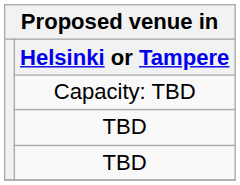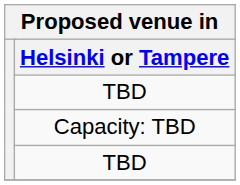 <table class="wikitable" style="text-align:center">
 <tr>
 <th colspan="3">Proposed venue in </th>
 </tr>
 <tr>
 <th rowspan="4" colspan="2"></th>
 <th><a href='#'>Helsinki</a> or <a href='#'>Tampere</a></th>
 </tr>
 <tr>
-<td>Capacity: TBD</td>
+<td>TBD</td>
 </tr>
 <tr>
-<td>TBD</td>
+<td>Capacity: TBD</td>
 </tr>
 <tr>
 <td>TBD</td>
 </tr>
 <tr>
 </tr>
 </table>
